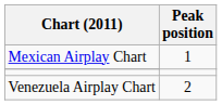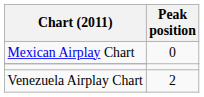 <table class="wikitable sortable">
 <tr>
 <th>Chart (2011)</th>
 <th>Peak<br>position</th>
 </tr>
 <tr>
 <td><a href='#'>Mexican Airplay</a> Chart </td>
-<td align="center">1</td>
+<td align="center">0</td>
 </tr>
 <tr>
 </tr>
 <tr>
 </tr>
 <tr>
 </tr>
 <tr>
 <td></td>
 </tr>
 <tr>
 <td>Venezuela Airplay Chart</td>
 <td align="center">2</td>
 </tr>
 </table>
